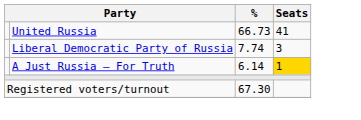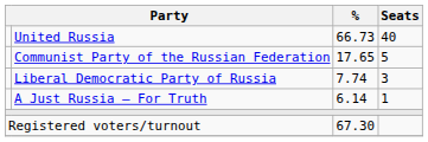 <table class="wikitable">
 <tr>
 <th colspan=2>Party</th>
 <th>%</th>
 <th>Seats</th>
 </tr>
 <tr>
 <td style="background:"></td>
 <td><a href='#'>United Russia</a></td>
 <td>66.73</td>
-<td>41</td>
+<td>40</td>
+</tr>
+<tr>
+<td style="background:"></td>
+<td><a href='#'>Communist Party of the Russian Federation</a></td>
+<td>17.65</td>
+<td>5</td>
 </tr>
 <tr>
 <td style="background:"></td>
 <td><a href='#'>Liberal Democratic Party of Russia</a></td>
 <td>7.74</td>
 <td>3</td>
 </tr>
 <tr>
 <td style="background:"></td>
 <td><a href='#'>A Just Russia — For Truth</a></td>
 <td>6.14</td>
-<td style="background: gold;">1</td>
+<td>1</td>
 </tr>
 <tr>
 <td colspan=4 style="background:#E9E9E9;"></td>
 </tr>
 <tr>
 <td align=left colspan=2>Registered voters/turnout</td>
 <td>67.30</td>
 <td></td>
 </tr>
 <tr>
 </tr>
 </table>
